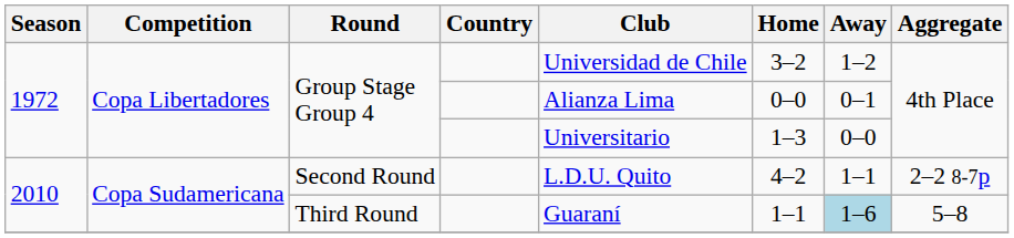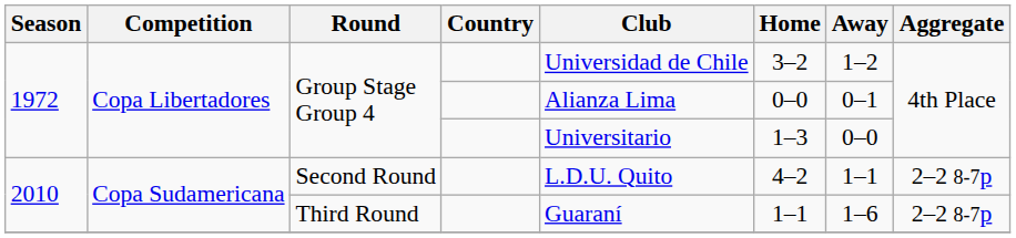 <table class="wikitable" style="text-align:left;">
 <tr>
 <th>Season</th>
 <th>Competition</th>
 <th>Round</th>
 <th>Country</th>
 <th>Club</th>
 <th>Home</th>
 <th>Away</th>
 <th>Aggregate</th>
 </tr>
 <tr>
 <td rowspan="3"><a href='#'>1972</a></td>
 <td rowspan="3"><a href='#'>Copa Libertadores</a></td>
 <td rowspan="3">Group Stage<br>Group 4</td>
 <td></td>
 <td><a href='#'>Universidad de Chile</a></td>
 <td style="text-align:center;">3–2</td>
 <td style="text-align:center;">1–2</td>
 <td style="text-align:center;" rowspan=3>4th Place</td>
 </tr>
 <tr>
 <td></td>
 <td><a href='#'>Alianza Lima</a></td>
 <td style="text-align:center;">0–0</td>
 <td style="text-align:center;">0–1</td>
 </tr>
 <tr>
 <td></td>
 <td><a href='#'>Universitario</a></td>
 <td style="text-align:center;">1–3</td>
 <td style="text-align:center;">0–0</td>
 </tr>
 <tr>
 <td rowspan="2"><a href='#'>2010</a></td>
 <td rowspan="2"><a href='#'>Copa Sudamericana</a></td>
 <td>Second Round</td>
 <td></td>
 <td><a href='#'>L.D.U. Quito</a></td>
 <td style="text-align:center;">4–2</td>
 <td style="text-align:center;">1–1</td>
 <td style="text-align:center;">2–2 <small>8-7</small><a href='#'>p</a></td>
 </tr>
 <tr>
 <td>Third Round</td>
 <td></td>
 <td><a href='#'>Guaraní</a></td>
 <td style="text-align:center;">1–1</td>
-<td style="background: lightblue; text-align:center;">1–6</td>
-<td style="text-align:center;">5–8</td>
+<td style="text-align:center;">1–6</td>
+<td style="text-align:center;">2–2 <small>8-7</small><a href='#'>p</a></td>
 </tr>
 <tr>
 </tr>
 </table>
